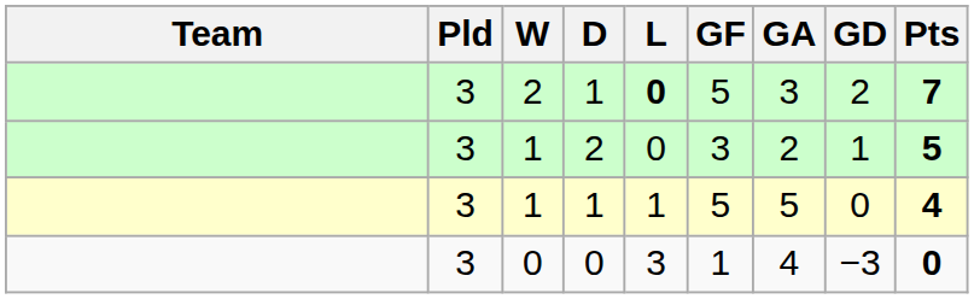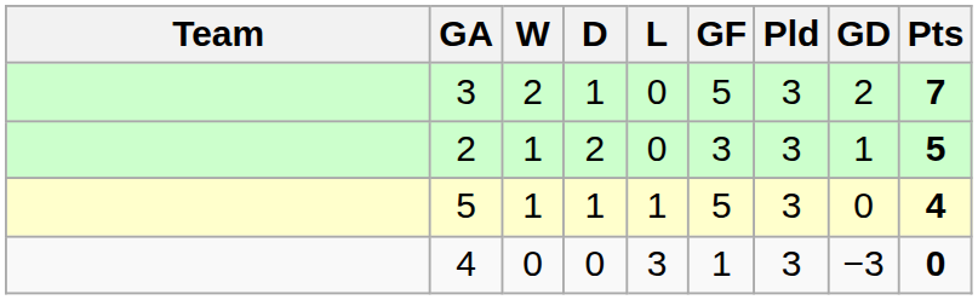 <table class="wikitable" style="text-align:center;">
 <tr>
 <th width=180>Team</th>
-<th width=20>Pld</th>
+<th width=20>GA</th>
 <th width=20>W</th>
 <th width=20>D</th>
 <th width=20>L</th>
 <th width=20>GF</th>
-<th width=20>GA</th>
+<th width=20>Pld</th>
 <th width=20>GD</th>
 <th width=20>Pts</th>
 </tr>
 <tr bgcolor="ccffcc">
 <td align=left></td>
 <td>3</td>
 <td>2</td>
 <td>1</td>
-<td><strong>0</strong></td>
+<td>0</td>
 <td>5</td>
 <td>3</td>
 <td>2</td>
 <td><strong>7</strong></td>
 </tr>
 <tr bgcolor="ccffcc">
 <td align=left><em></em></td>
-<td>3</td>
+<td>2</td>
 <td>1</td>
 <td>2</td>
 <td>0</td>
 <td>3</td>
-<td>2</td>
+<td>3</td>
 <td>1</td>
 <td><strong>5</strong></td>
 </tr>
 <tr bgcolor="ffffcc">
 <td align=left></td>
-<td>3</td>
+<td>5</td>
 <td>1</td>
 <td>1</td>
 <td>1</td>
 <td>5</td>
-<td>5</td>
+<td>3</td>
 <td>0</td>
 <td><strong>4</strong></td>
 </tr>
 <tr>
 <td align=left></td>
-<td>3</td>
+<td>4</td>
 <td>0</td>
 <td>0</td>
 <td>3</td>
 <td>1</td>
-<td>4</td>
+<td>3</td>
 <td>−3</td>
 <td><strong>0</strong></td>
 </tr>
 </table>
